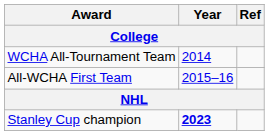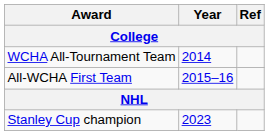 <table class="wikitable">
 <tr>
 <th>Award</th>
 <th>Year</th>
 <th>Ref</th>
 </tr>
 <tr>
 <th colspan="3"><a href='#'>College</a></th>
 </tr>
 <tr>
 <td><a href='#'>WCHA</a> All-Tournament Team</td>
 <td><a href='#'>2014</a></td>
 <td></td>
 </tr>
 <tr>
 <td>All-WCHA <a href='#'>First Team</a></td>
 <td><a href='#'>2015–16</a></td>
 <td></td>
 </tr>
 <tr>
 <th colspan="3"><a href='#'>NHL</a></th>
 </tr>
 <tr>
 <td><a href='#'>Stanley Cup</a> champion</td>
-<td><strong><a href='#'>2023</a></strong></td>
+<td><a href='#'>2023</a></td>
 <td></td>
 </tr>
 </table>
